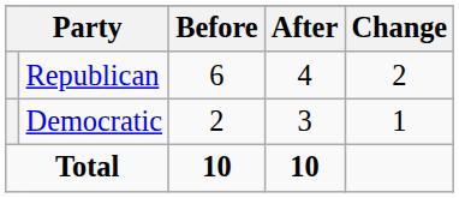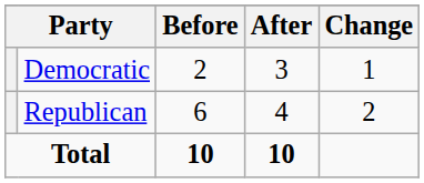 <table class="wikitable" style="text-align:center;">
 <tr>
 </tr>
 <tr>
 <th colspan=2>Party</th>
 <th>Before</th>
 <th>After</th>
 <th>Change</th>
 </tr>
 <tr>
 <th style="background-color:"></th>
+<td style="text-align:left;"><a href='#'>Democratic</a></td>
+<td>2</td>
+<td>3</td>
+<td> 1</td>
+</tr>
+<tr>
+<th style="background-color:"></th>
 <td style="text-align:left;"><a href='#'>Republican</a></td>
 <td>6</td>
 <td>4</td>
 <td> 2</td>
-</tr>
-<tr>
-<th style="background-color:"></th>
-<td style="text-align:left;"><a href='#'>Democratic</a></td>
-<td>2</td>
-<td>3</td>
-<td> 1</td>
 </tr>
 <tr>
 <td colspan=2><strong>Total</strong></td>
 <td><strong>10</strong></td>
 <td><strong>10</strong></td>
 </tr>
 </table>
